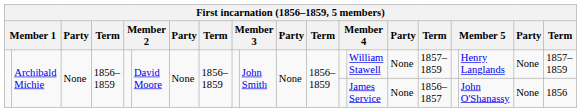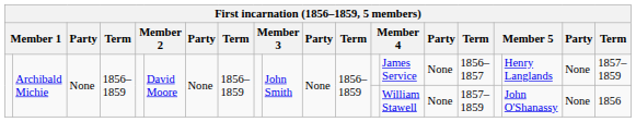 <table class="wikitable">
 <tr>
 <th colspan=20 style="border-right:0px;";>First incarnation (1856–1859, 5 members)</th>
 </tr>
 <tr>
 <th colspan="2"><strong>Member 1</strong></th>
 <th><strong>Party</strong></th>
 <th><strong>Term</strong></th>
 <th colspan="2"><strong>Member 2</strong></th>
 <th><strong>Party</strong></th>
 <th><strong>Term</strong></th>
 <th colspan="2"><strong>Member 3</strong></th>
 <th><strong>Party</strong></th>
 <th><strong>Term</strong></th>
 <th colspan="2"><strong>Member 4</strong></th>
 <th><strong>Party</strong></th>
 <th><strong>Term</strong></th>
 <th colspan="2"><strong>Member 5</strong></th>
 <th><strong>Party</strong></th>
 <th><strong>Term</strong></th>
 </tr>
 <tr>
 <td rowspan="2"  > </td>
 <td rowspan="2"><a href='#'>Archibald Michie</a></td>
 <td rowspan="2">None</td>
 <td rowspan="2">1856–1859</td>
 <td rowspan="2"   > </td>
 <td rowspan="2"><a href='#'>David Moore</a></td>
 <td rowspan="2">None</td>
 <td rowspan="2">1856–1859</td>
 <td rowspan="2" > </td>
 <td rowspan="2"><a href='#'>John Smith</a></td>
 <td rowspan="2">None</td>
 <td rowspan="2">1856–1859</td>
 <td> </td>
-<td><a href='#'>William Stawell</a></td>
+<td><a href='#'>James Service</a></td>
 <td>None</td>
-<td>1857–1859</td>
+<td>1856–1857</td>
 <td> </td>
 <td><a href='#'>Henry Langlands</a></td>
 <td>None</td>
 <td>1857–1859</td>
 </tr>
 <tr>
 <td> </td>
-<td><a href='#'>James Service</a></td>
+<td><a href='#'>William Stawell</a></td>
 <td>None</td>
-<td>1856–1857</td>
+<td>1857–1859</td>
 <td> </td>
 <td><a href='#'>John O'Shanassy</a></td>
 <td>None</td>
 <td>1856</td>
 </tr>
 </table>
